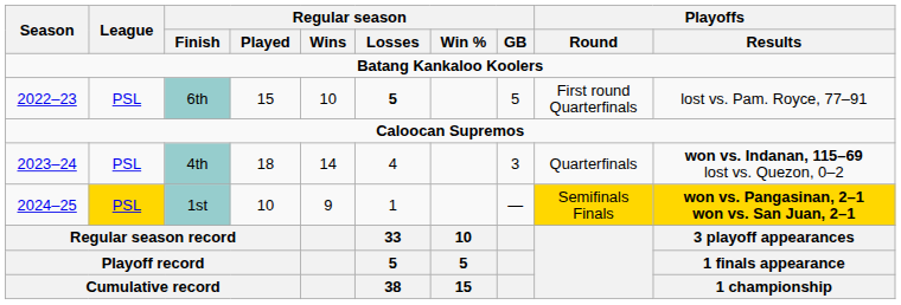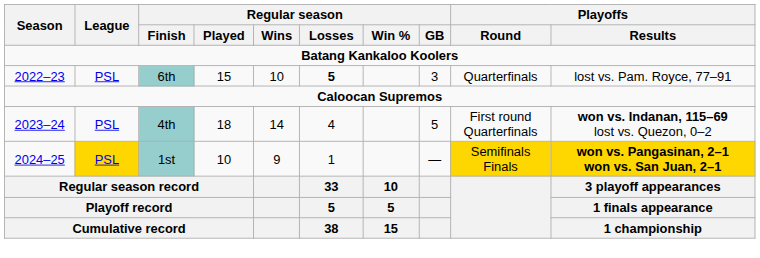 <table class="wikitable" style="width:100%; text-align:center; font-size:95%">
 <tr>
 <th rowspan=2>Season</th>
 <th rowspan=2>League</th>
 <th colspan=6>Regular season</th>
 <th colspan=2>Playoffs</th>
 </tr>
 <tr>
 <th>Finish</th>
 <th>Played</th>
 <th>Wins</th>
 <th>Losses</th>
 <th>Win %</th>
 <th>GB</th>
 <th>Round</th>
 <th>Results</th>
 </tr>
 <tr>
 <td align="center" colspan="10"><strong>Batang Kankaloo Koolers</strong></td>
 </tr>
 <tr>
 <td><a href='#'>2022–23</a></td>
 <td><a href='#'>PSL</a></td>
 <td bgcolor="#96CDCD">6th</td>
 <td>15</td>
 <td>10</td>
 <td><strong>5</strong></td>
 <td></td>
-<td>5</td>
-<td>First round <br> Quarterfinals</td>
+<td>3</td>
+<td>Quarterfinals</td>
 <td>lost vs. Pam. Royce, 77–91</td>
 </tr>
 <tr>
 <td align="center" colspan="10"><strong>Caloocan Supremos</strong></td>
 </tr>
 <tr>
 <td><a href='#'>2023–24</a></td>
 <td><a href='#'>PSL</a></td>
 <td bgcolor="#96CDCD">4th</td>
 <td>18</td>
 <td>14</td>
 <td>4</td>
 <td></td>
-<td>3</td>
-<td>Quarterfinals</td>
+<td>5</td>
+<td>First round <br> Quarterfinals</td>
 <td><strong>won vs. Indanan, 115–69</strong> <br> lost vs. Quezon, 0–2</td>
 </tr>
 <tr>
 <td><a href='#'>2024–25</a></td>
 <td bgcolor="gold"><a href='#'>PSL</a></td>
 <td bgcolor="#96CDCD">1st</td>
 <td>10</td>
 <td>9</td>
 <td>1</td>
 <td></td>
 <td>—</td>
 <td bgcolor="gold">Semifinals <br> Finals</td>
 <td bgcolor="gold"><strong>won vs. Pangasinan, 2–1</strong> <br> <strong>won vs. San Juan, 2–1</strong></td>
 </tr>
 <tr>
 <th colspan=4>Regular season record</th>
 <th></th>
 <th>33</th>
 <th>10</th>
 <th></th>
 <th rowspan=3></th>
 <th colspan=2>3 playoff appearances</th>
 </tr>
 <tr>
 <th colspan=4>Playoff record</th>
 <th></th>
 <th>5</th>
 <th>5</th>
 <th></th>
 <th colspan=2>1 finals appearance</th>
 </tr>
 <tr>
 <th colspan=4>Cumulative record</th>
 <th></th>
 <th>38</th>
 <th>15</th>
 <th></th>
 <th colspan=2>1 championship</th>
 </tr>
 </table>
